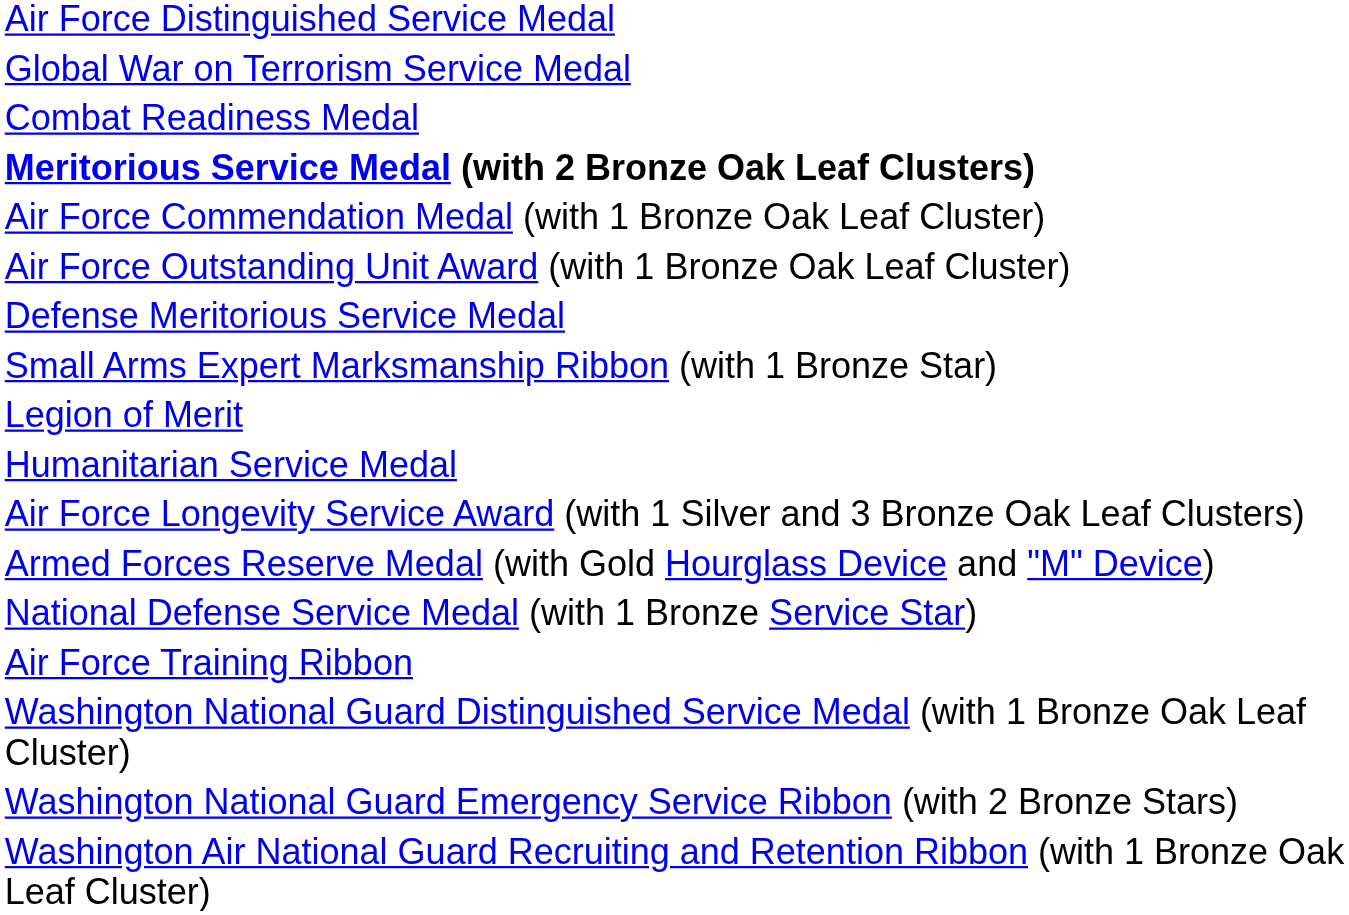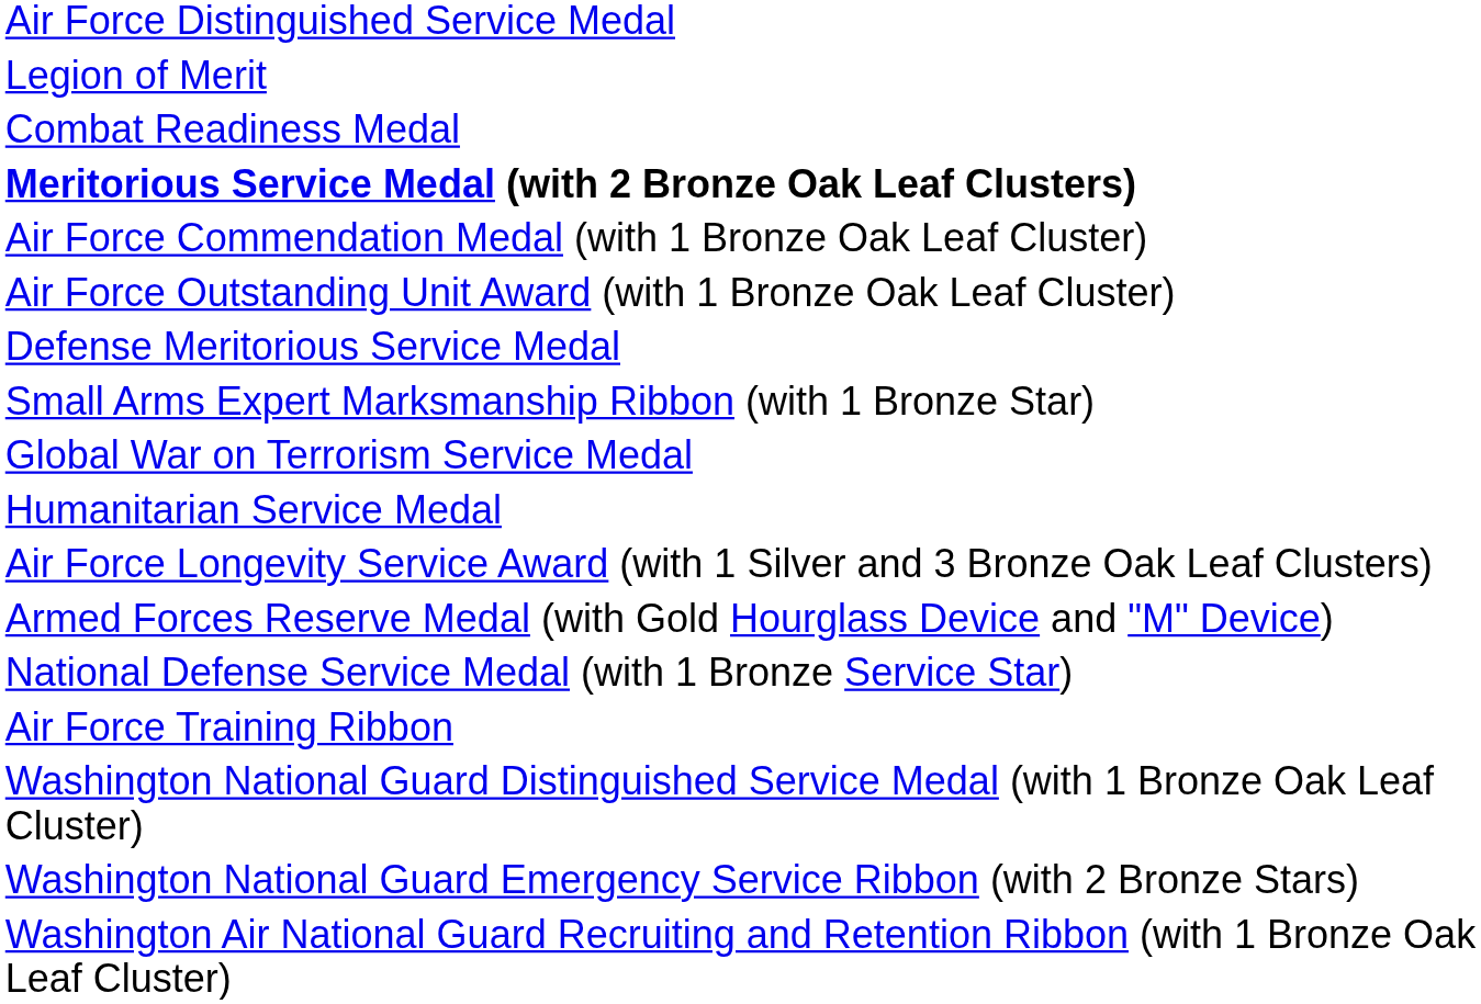 <table>
 <tr>
 <td> <a href='#'>Air Force Distinguished Service Medal</a></td>
 </tr>
 <tr>
-<td> <a href='#'>Global War on Terrorism Service Medal</a></td>
+<td> <a href='#'>Legion of Merit</a></td>
 </tr>
 <tr>
 <td> <a href='#'>Combat Readiness Medal</a></td>
 </tr>
 <tr>
 <td><strong> <a href='#'>Meritorious Service Medal</a> (with 2 Bronze Oak Leaf Clusters)</strong></td>
 </tr>
 <tr>
 <td> <a href='#'>Air Force Commendation Medal</a> (with 1 Bronze Oak Leaf Cluster)</td>
 </tr>
 <tr>
 <td> <a href='#'>Air Force Outstanding Unit Award</a> (with 1 Bronze Oak Leaf Cluster)</td>
 </tr>
 <tr>
 <td> <a href='#'>Defense Meritorious Service Medal</a></td>
 </tr>
 <tr>
 <td> <a href='#'>Small Arms Expert Marksmanship Ribbon</a> (with 1 Bronze Star)</td>
 </tr>
 <tr>
-<td> <a href='#'>Legion of Merit</a></td>
+<td> <a href='#'>Global War on Terrorism Service Medal</a></td>
 </tr>
 <tr>
 <td> <a href='#'>Humanitarian Service Medal</a></td>
 </tr>
 <tr>
 <td> <a href='#'>Air Force Longevity Service Award</a> (with 1 Silver and 3 Bronze Oak Leaf Clusters)</td>
 </tr>
 <tr>
 <td><span></span> <a href='#'>Armed Forces Reserve Medal</a> (with Gold <a href='#'>Hourglass Device</a> and <a href='#'>"M" Device</a>)</td>
 </tr>
 <tr>
 <td> <a href='#'>National Defense Service Medal</a> (with 1 Bronze <a href='#'>Service Star</a>)</td>
 </tr>
 <tr>
 <td> <a href='#'>Air Force Training Ribbon</a></td>
 </tr>
 <tr>
 <td> <a href='#'>Washington National Guard Distinguished Service Medal</a> (with 1 Bronze Oak Leaf Cluster)</td>
 </tr>
 <tr>
 <td> <a href='#'>Washington National Guard Emergency Service Ribbon</a> (with 2 Bronze Stars)</td>
 </tr>
 <tr>
 <td> <a href='#'>Washington Air National Guard Recruiting and Retention Ribbon</a> (with 1 Bronze Oak Leaf Cluster)</td>
 </tr>
 </table>
